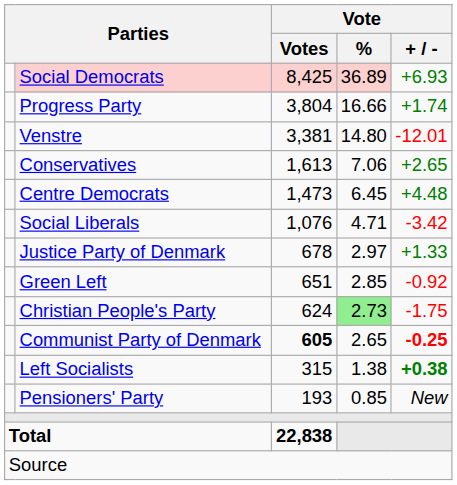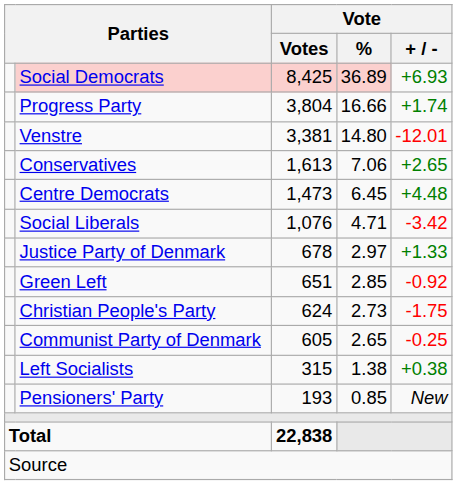 <table class="wikitable" style="text-align:right;">
 <tr>
 <th style="text-align:centre;" rowspan="2" colspan="2" width="225">Parties</th>
 <th colspan="3">Vote</th>
 </tr>
 <tr>
 <th width="15">Votes</th>
 <th width="15">%</th>
 <th width="15">+ / -</th>
 </tr>
 <tr>
 <td width="2" style="color:inherit;background:"></td>
 <td bgcolor=#fbd0ce  align="left"><a href='#'>Social Democrats</a></td>
 <td bgcolor=#fbd0ce>8,425</td>
 <td bgcolor=#fbd0ce>36.89</td>
 <td style=color:green;>+6.93</td>
 </tr>
 <tr>
 <td width="2" style="color:inherit;background:"></td>
 <td align="left"><a href='#'>Progress Party</a></td>
 <td>3,804</td>
 <td>16.66</td>
 <td style=color:green;>+1.74</td>
 </tr>
 <tr>
 <td width="2" style="color:inherit;background:"></td>
 <td align="left"><a href='#'>Venstre</a></td>
 <td>3,381</td>
 <td>14.80</td>
 <td style=color:red;>-12.01</td>
 </tr>
 <tr>
 <td width="2" style="color:inherit;background:"></td>
 <td align="left"><a href='#'>Conservatives</a></td>
 <td>1,613</td>
 <td>7.06</td>
 <td style=color:green;>+2.65</td>
 </tr>
 <tr>
 <td width="2" style="color:inherit;background:"></td>
 <td align="left"><a href='#'>Centre Democrats</a></td>
 <td>1,473</td>
 <td>6.45</td>
 <td style=color:green;>+4.48</td>
 </tr>
 <tr>
 <td width="2" style="color:inherit;background:"></td>
 <td align="left"><a href='#'>Social Liberals</a></td>
 <td>1,076</td>
 <td>4.71</td>
 <td style=color:red;>-3.42</td>
 </tr>
 <tr>
 <td width="2" style="color:inherit;background:"></td>
 <td align="left"><a href='#'>Justice Party of Denmark</a></td>
 <td>678</td>
 <td>2.97</td>
 <td style=color:green;>+1.33</td>
 </tr>
 <tr>
 <td width="2" style="color:inherit;background:"></td>
 <td align="left"><a href='#'>Green Left</a></td>
 <td>651</td>
 <td>2.85</td>
 <td style=color:red;>-0.92</td>
 </tr>
 <tr>
 <td width="2" style="color:inherit;background:"></td>
 <td align="left"><a href='#'>Christian People's Party</a></td>
 <td>624</td>
-<td style="background: lightgreen;">2.73</td>
+<td>2.73</td>
 <td style=color:red;>-1.75</td>
 </tr>
 <tr>
 <td width="2" style="color:inherit;background:"></td>
 <td align="left"><a href='#'>Communist Party of Denmark</a></td>
-<td><strong>605</strong></td>
+<td>605</td>
 <td>2.65</td>
-<td style=color:red;><strong>-0.25</strong></td>
+<td style=color:red;>-0.25</td>
 </tr>
 <tr>
 <td width="2" style="color:inherit;background:"></td>
 <td align="left"><a href='#'>Left Socialists</a></td>
 <td>315</td>
 <td>1.38</td>
-<td style=color:green;><strong>+0.38</strong></td>
+<td style=color:green;>+0.38</td>
 </tr>
 <tr>
 <td width="2" style="color:inherit;background:"></td>
 <td align="left"><a href='#'>Pensioners' Party</a></td>
 <td>193</td>
 <td>0.85</td>
 <td><em>New</em></td>
 </tr>
 <tr>
 <td colspan="7" bgcolor="#E9E9E9"></td>
 </tr>
 <tr>
 <td align="left" colspan="2"><strong>Total</strong></td>
 <td><strong>22,838</strong></td>
 <td bgcolor="#E9E9E9" colspan="2"></td>
 </tr>
 <tr>
 <td align="left" colspan="6">Source</td>
 </tr>
 </table>
